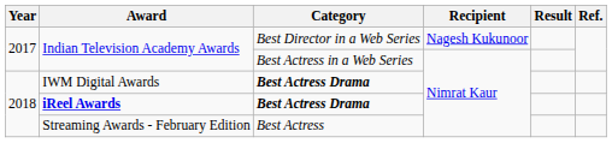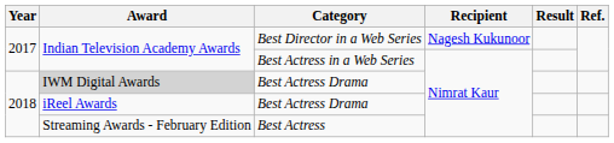 <table class="wikitable">
 <tr>
 <th>Year</th>
 <th>Award</th>
 <th>Category</th>
 <th>Recipient</th>
 <th>Result</th>
 <th>Ref.</th>
 </tr>
 <tr>
 <td rowspan="2">2017</td>
 <td rowspan="2"><a href='#'>Indian Television Academy Awards</a></td>
 <td><em>Best Director in a Web Series</em></td>
 <td><a href='#'>Nagesh Kukunoor</a></td>
 <td></td>
 <td rowspan="2"></td>
 </tr>
 <tr>
 <td><em>Best Actress in a Web Series</em></td>
 <td rowspan="4"><a href='#'>Nimrat Kaur</a></td>
 <td></td>
 </tr>
 <tr>
 <td rowspan="3">2018</td>
-<td>IWM Digital Awards</td>
-<td><strong><em>Best Actress Drama</em></strong></td>
+<td style="background: lightgrey;">IWM Digital Awards</td>
+<td><em>Best Actress Drama</em></td>
 <td></td>
 <td></td>
 </tr>
 <tr>
-<td><strong><a href='#'>iReel Awards</a></strong></td>
-<td><strong><em>Best Actress Drama</em></strong></td>
+<td><a href='#'>iReel Awards</a></td>
+<td><em>Best Actress Drama</em></td>
 <td></td>
 <td></td>
 </tr>
 <tr>
 <td>Streaming Awards - February Edition</td>
 <td><em>Best Actress</em></td>
 <td></td>
 <td></td>
 </tr>
 </table>
